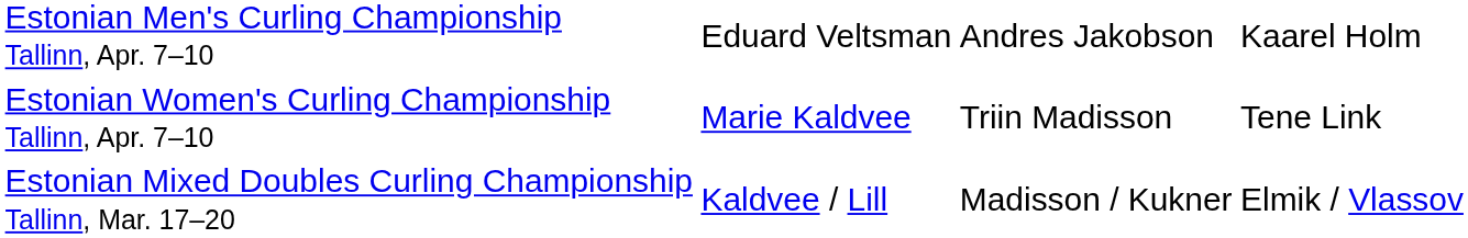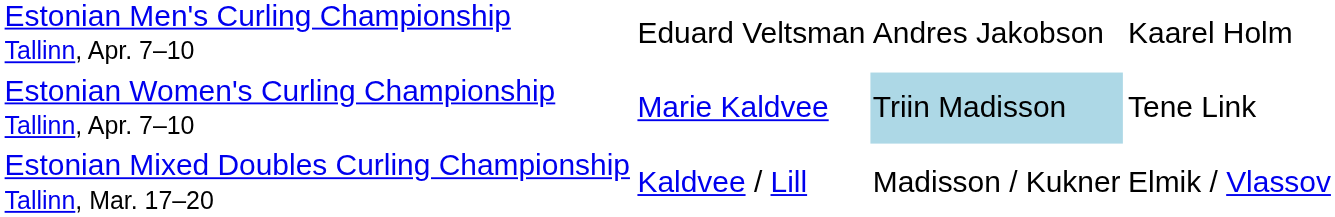 <table>
 <tr>
 <td><a href='#'>Estonian Men's Curling Championship</a><br> <small><a href='#'>Tallinn</a>, Apr. 7–10</small></td>
 <td>Eduard Veltsman</td>
 <td>Andres Jakobson</td>
 <td>Kaarel Holm</td>
 </tr>
 <tr>
 <td><a href='#'>Estonian Women's Curling Championship</a><br> <small><a href='#'>Tallinn</a>, Apr. 7–10</small></td>
 <td><a href='#'>Marie Kaldvee</a></td>
-<td>Triin Madisson</td>
+<td style="background: lightblue;">Triin Madisson</td>
 <td>Tene Link</td>
 </tr>
 <tr>
 <td><a href='#'>Estonian Mixed Doubles Curling Championship</a> <br> <small><a href='#'>Tallinn</a>, Mar. 17–20</small></td>
 <td><a href='#'>Kaldvee</a> / <a href='#'>Lill</a></td>
 <td>Madisson / Kukner</td>
 <td>Elmik / <a href='#'>Vlassov</a></td>
 </tr>
 </table>
